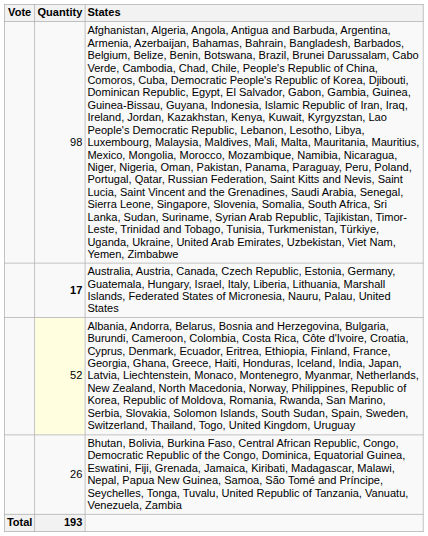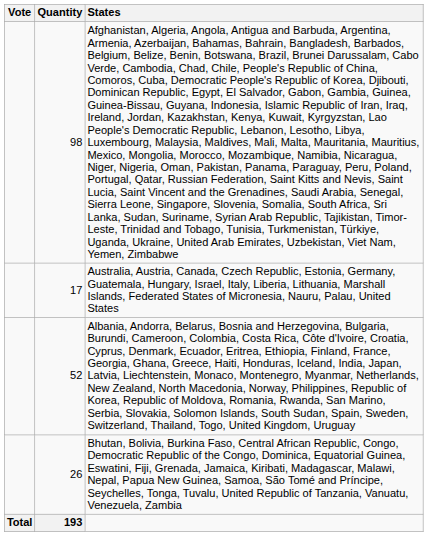 <table class="wikitable sortable">
 <tr>
 <th style="vertical-align: bottom">Vote</th>
 <th style="text-align: right; vertical-align: bottom;">Quantity</th>
 <th style="text-align: left; vertical-align: bottom">States</th>
 </tr>
 <tr>
 <td></td>
 <td style="text-align: right">98</td>
 <td>Afghanistan, Algeria, Angola, Antigua and Barbuda, Argentina, Armenia, Azerbaijan, Bahamas, Bahrain, Bangladesh, Barbados, Belgium, Belize, Benin, Botswana, Brazil, Brunei Darussalam, Cabo Verde, Cambodia, Chad, Chile, People's Republic of China, Comoros, Cuba, Democratic People's Republic of Korea, Djibouti, Dominican Republic, Egypt, El Salvador, Gabon, Gambia, Guinea, Guinea-Bissau, Guyana, Indonesia, Islamic Republic of Iran, Iraq, Ireland, Jordan, Kazakhstan, Kenya, Kuwait, Kyrgyzstan, Lao People's Democratic Republic, Lebanon, Lesotho, Libya, Luxembourg, Malaysia, Maldives, Mali, Malta, Mauritania, Mauritius, Mexico, Mongolia, Morocco, Mozambique, Namibia, Nicaragua, Niger, Nigeria, Oman, Pakistan, Panama, Paraguay, Peru, Poland, Portugal, Qatar, Russian Federation, Saint Kitts and Nevis, Saint Lucia, Saint Vincent and the Grenadines, Saudi Arabia, Senegal, Sierra Leone, Singapore, Slovenia, Somalia, South Africa, Sri Lanka, Sudan, Suriname, Syrian Arab Republic, Tajikistan, Timor-Leste, Trinidad and Tobago, Tunisia, Turkmenistan, Türkiye, Uganda, Ukraine, United Arab Emirates, Uzbekistan, Viet Nam, Yemen, Zimbabwe</td>
 </tr>
 <tr>
 <td></td>
-<td style="text-align: right"><strong>17</strong></td>
+<td style="text-align: right">17</td>
 <td>Australia, Austria, Canada, Czech Republic, Estonia, Germany, Guatemala, Hungary, Israel, Italy, Liberia, Lithuania, Marshall Islands, Federated States of Micronesia, Nauru, Palau, United States</td>
 </tr>
 <tr>
 <td></td>
-<td style="background: lightyellow; text-align: right">52</td>
+<td style="text-align: right">52</td>
 <td>Albania, Andorra, Belarus, Bosnia and Herzegovina, Bulgaria, Burundi, Cameroon, Colombia, Costa Rica, Côte d'Ivoire, Croatia, Cyprus, Denmark, Ecuador, Eritrea, Ethiopia, Finland, France, Georgia, Ghana, Greece, Haiti, Honduras, Iceland, India, Japan, Latvia, Liechtenstein, Monaco, Montenegro, Myanmar, Netherlands, New Zealand, North Macedonia, Norway, Philippines, Republic of Korea, Republic of Moldova, Romania, Rwanda, San Marino, Serbia, Slovakia, Solomon Islands, South Sudan, Spain, Sweden, Switzerland, Thailand, Togo, United Kingdom, Uruguay</td>
 </tr>
 <tr>
 <td></td>
 <td style="text-align: right">26</td>
 <td>Bhutan, Bolivia, Burkina Faso, Central African Republic, Congo, Democratic Republic of the Congo, Dominica, Equatorial Guinea, Eswatini, Fiji, Grenada, Jamaica, Kiribati, Madagascar, Malawi, Nepal, Papua New Guinea, Samoa, São Tomé and Príncipe, Seychelles, Tonga, Tuvalu, United Republic of Tanzania, Vanuatu, Venezuela, Zambia</td>
 </tr>
 <tr>
 <th style="text-align: left">Total</th>
 <th style="text-align: right">193</th>
 </tr>
 </table>
